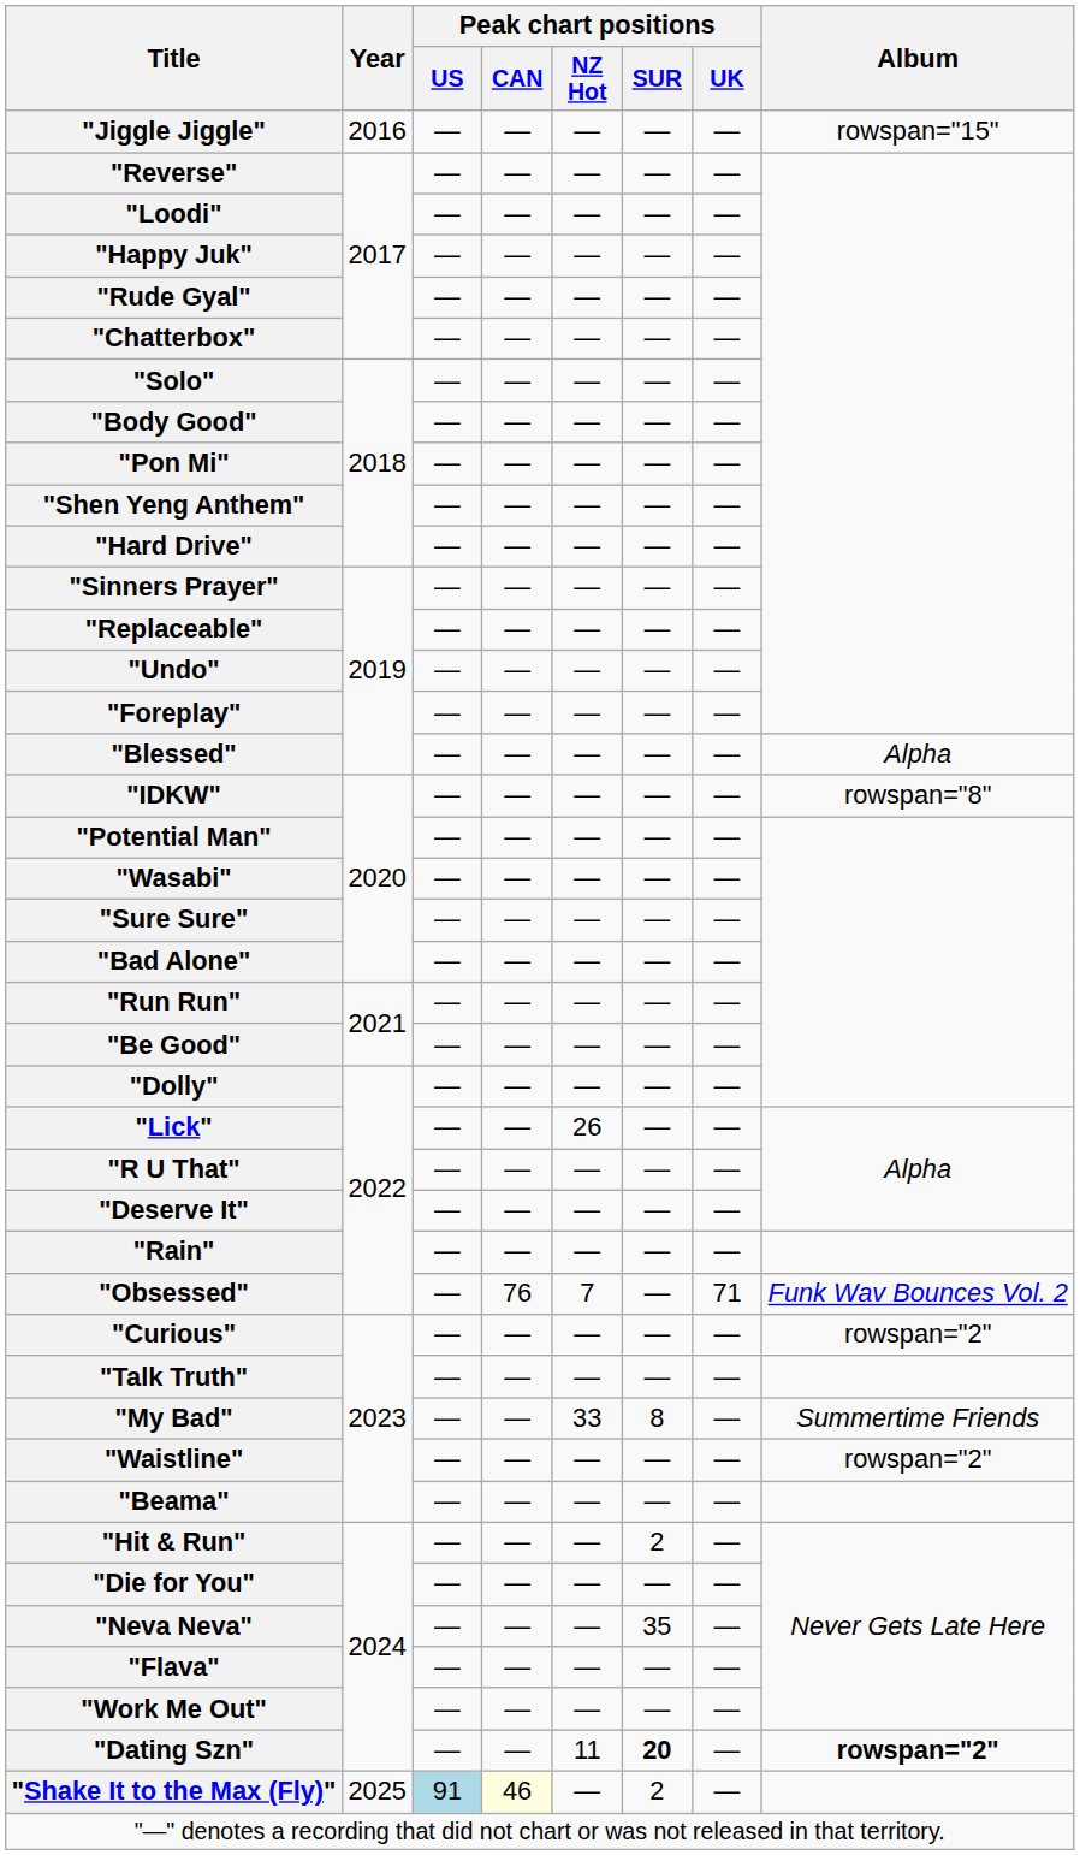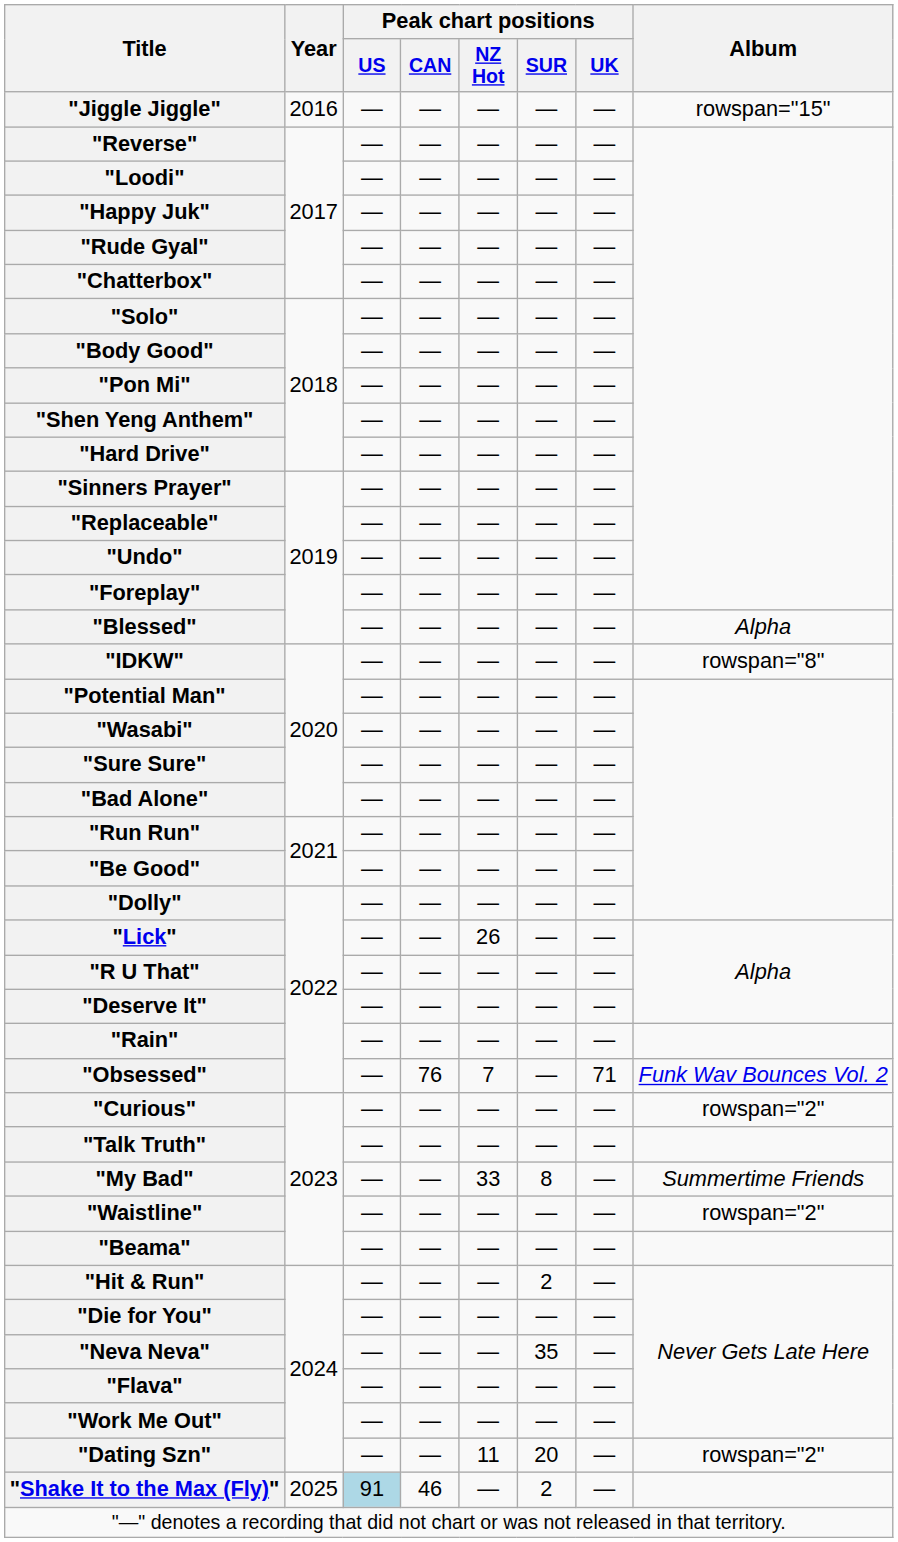 <table class="wikitable plainrowheaders" style="text-align:center">
 <tr>
 <th scope="col" rowspan="2">Title</th>
 <th scope="col" rowspan="2">Year</th>
 <th scope="col" colspan="5">Peak chart positions</th>
 <th scope="col" rowspan="2">Album</th>
 </tr>
 <tr>
 <th scope="col" style="width:2.5em;font-size:90%;"><a href='#'>US</a><br></th>
 <th scope="col" style="width:2.5em;font-size:90%;"><a href='#'>CAN</a><br></th>
 <th scope="col" style="width:2.5em;font-size:90%;"><a href='#'>NZ<br>Hot</a><br></th>
 <th scope="col" style="width:2.5em;font-size:90%;"><a href='#'>SUR</a><br></th>
 <th scope="col" style="width:2.5em;font-size:90%;"><a href='#'>UK</a><br></th>
 </tr>
 <tr>
 <th scope="row">"Jiggle Jiggle"</th>
 <td>2016</td>
 <td>—</td>
 <td>—</td>
 <td>—</td>
 <td>—</td>
 <td>—</td>
 <td>rowspan="15" </td>
 </tr>
 <tr>
 <th scope="row">"Reverse"</th>
 <td rowspan="5">2017</td>
 <td>—</td>
 <td>—</td>
 <td>—</td>
 <td>—</td>
 <td>—</td>
 </tr>
 <tr>
 <th scope="row">"Loodi"<br></th>
 <td>—</td>
 <td>—</td>
 <td>—</td>
 <td>—</td>
 <td>—</td>
 </tr>
 <tr>
 <th scope="row">"Happy Juk"</th>
 <td>—</td>
 <td>—</td>
 <td>—</td>
 <td>—</td>
 <td>—</td>
 </tr>
 <tr>
 <th scope="row">"Rude Gyal"</th>
 <td>—</td>
 <td>—</td>
 <td>—</td>
 <td>—</td>
 <td>—</td>
 </tr>
 <tr>
 <th scope="row">"Chatterbox"</th>
 <td>—</td>
 <td>—</td>
 <td>—</td>
 <td>—</td>
 <td>—</td>
 </tr>
 <tr>
 <th scope="row">"Solo"</th>
 <td rowspan="5">2018</td>
 <td>—</td>
 <td>—</td>
 <td>—</td>
 <td>—</td>
 <td>—</td>
 </tr>
 <tr>
 <th scope="row">"Body Good"</th>
 <td>—</td>
 <td>—</td>
 <td>—</td>
 <td>—</td>
 <td>—</td>
 </tr>
 <tr>
 <th scope="row">"Pon Mi"<br></th>
 <td>—</td>
 <td>—</td>
 <td>—</td>
 <td>—</td>
 <td>—</td>
 </tr>
 <tr>
 <th scope="row">"Shen Yeng Anthem"</th>
 <td>—</td>
 <td>—</td>
 <td>—</td>
 <td>—</td>
 <td>—</td>
 </tr>
 <tr>
 <th scope="row">"Hard Drive"<br></th>
 <td>—</td>
 <td>—</td>
 <td>—</td>
 <td>—</td>
 <td>—</td>
 </tr>
 <tr>
 <th scope="row">"Sinners Prayer"</th>
 <td rowspan="5">2019</td>
 <td>—</td>
 <td>—</td>
 <td>—</td>
 <td>—</td>
 <td>—</td>
 </tr>
 <tr>
 <th scope="row">"Replaceable"</th>
 <td>—</td>
 <td>—</td>
 <td>—</td>
 <td>—</td>
 <td>—</td>
 </tr>
 <tr>
 <th scope="row">"Undo"<br></th>
 <td>—</td>
 <td>—</td>
 <td>—</td>
 <td>—</td>
 <td>—</td>
 </tr>
 <tr>
 <th scope="row">"Foreplay"</th>
 <td>—</td>
 <td>—</td>
 <td>—</td>
 <td>—</td>
 <td>—</td>
 </tr>
 <tr>
 <th scope="row">"Blessed"<br></th>
 <td>—</td>
 <td>—</td>
 <td>—</td>
 <td>—</td>
 <td>—</td>
 <td><em>Alpha</em></td>
 </tr>
 <tr>
 <th scope="row">"IDKW"<br></th>
 <td rowspan="5">2020</td>
 <td>—</td>
 <td>—</td>
 <td>—</td>
 <td>—</td>
 <td>—</td>
 <td>rowspan="8" </td>
 </tr>
 <tr>
 <th scope="row">"Potential Man"</th>
 <td>—</td>
 <td>—</td>
 <td>—</td>
 <td>—</td>
 <td>—</td>
 </tr>
 <tr>
 <th scope="row">"Wasabi"</th>
 <td>—</td>
 <td>—</td>
 <td>—</td>
 <td>—</td>
 <td>—</td>
 </tr>
 <tr>
 <th scope="row">"Sure Sure"</th>
 <td>—</td>
 <td>—</td>
 <td>—</td>
 <td>—</td>
 <td>—</td>
 </tr>
 <tr>
 <th scope="row">"Bad Alone"</th>
 <td>—</td>
 <td>—</td>
 <td>—</td>
 <td>—</td>
 <td>—</td>
 </tr>
 <tr>
 <th scope="row">"Run Run"</th>
 <td rowspan="2">2021</td>
 <td>—</td>
 <td>—</td>
 <td>—</td>
 <td>—</td>
 <td>—</td>
 </tr>
 <tr>
 <th scope="row">"Be Good"</th>
 <td>—</td>
 <td>—</td>
 <td>—</td>
 <td>—</td>
 <td>—</td>
 </tr>
 <tr>
 <th scope="row">"Dolly"</th>
 <td rowspan="6">2022</td>
 <td>—</td>
 <td>—</td>
 <td>—</td>
 <td>—</td>
 <td>—</td>
 </tr>
 <tr>
 <th scope="row">"<a href='#'>Lick</a>" <br></th>
 <td>—</td>
 <td>—</td>
 <td>26</td>
 <td>—</td>
 <td>—</td>
 <td rowspan="3"><em>Alpha</em></td>
 </tr>
 <tr>
 <th scope="row">"R U That" <br></th>
 <td>—</td>
 <td>—</td>
 <td>—</td>
 <td>—</td>
 <td>—</td>
 </tr>
 <tr>
 <th scope="row">"Deserve It"</th>
 <td>—</td>
 <td>—</td>
 <td>—</td>
 <td>—</td>
 <td>—</td>
 </tr>
 <tr>
 <th scope="row">"Rain" <br></th>
 <td>—</td>
 <td>—</td>
 <td>—</td>
 <td>—</td>
 <td>—</td>
 <td></td>
 </tr>
 <tr>
 <th scope="row">"Obsessed" <br></th>
 <td>—</td>
 <td>76</td>
 <td>7</td>
 <td>—</td>
 <td>71</td>
 <td><em><a href='#'>Funk Wav Bounces Vol. 2</a></em></td>
 </tr>
 <tr>
 <th scope="row">"Curious"</th>
 <td rowspan="5">2023</td>
 <td>—</td>
 <td>—</td>
 <td>—</td>
 <td>—</td>
 <td>—</td>
 <td>rowspan="2" </td>
 </tr>
 <tr>
 <th scope="row">"Talk Truth"</th>
 <td>—</td>
 <td>—</td>
 <td>—</td>
 <td>—</td>
 <td>—</td>
 </tr>
 <tr>
 <th scope="row">"My Bad" <br></th>
 <td>—</td>
 <td>—</td>
 <td>33</td>
 <td>8</td>
 <td>—</td>
 <td><em>Summertime Friends</em></td>
 </tr>
 <tr>
 <th scope="row">"Waistline"</th>
 <td>—</td>
 <td>—</td>
 <td>—</td>
 <td>—</td>
 <td>—</td>
 <td>rowspan="2" </td>
 </tr>
 <tr>
 <th scope="row">"Beama" <br></th>
 <td>—</td>
 <td>—</td>
 <td>—</td>
 <td>—</td>
 <td>—</td>
 </tr>
 <tr>
 <th scope="row">"Hit & Run" <br></th>
 <td rowspan="6">2024</td>
 <td>—</td>
 <td>—</td>
 <td>—</td>
 <td>2</td>
 <td>—</td>
 <td rowspan="5"><em>Never Gets Late Here</em></td>
 </tr>
 <tr>
 <th scope="row">"Die for You"</th>
 <td>—</td>
 <td>—</td>
 <td>—</td>
 <td>—</td>
 <td>—</td>
 </tr>
 <tr>
 <th scope="row">"Neva Neva"</th>
 <td>—</td>
 <td>—</td>
 <td>—</td>
 <td>35</td>
 <td>—</td>
 </tr>
 <tr>
 <th scope="row">"Flava"<br></th>
 <td>—</td>
 <td>—</td>
 <td>—</td>
 <td>—</td>
 <td>—</td>
 </tr>
 <tr>
 <th scope="row">"Work Me Out"<br></th>
 <td>—</td>
 <td>—</td>
 <td>—</td>
 <td>—</td>
 <td>—</td>
 </tr>
 <tr>
 <th scope="row">"Dating Szn"</th>
 <td>—</td>
 <td>—</td>
 <td>11</td>
-<td><strong>20</strong></td>
+<td>20</td>
 <td>—</td>
-<td><strong>rowspan="2" </strong></td>
+<td>rowspan="2" </td>
 </tr>
 <tr>
 <th scope="row">"<a href='#'>Shake It to the Max (Fly)</a>" <br></th>
 <td>2025</td>
 <td style="background: lightblue;">91</td>
-<td style="background: lightyellow;">46</td>
+<td>46</td>
 <td>—</td>
 <td>2</td>
 <td>—</td>
 </tr>
 <tr>
 <td colspan="8" style="font-size:90%">"—" denotes a recording that did not chart or was not released in that territory.</td>
 </tr>
 </table>
